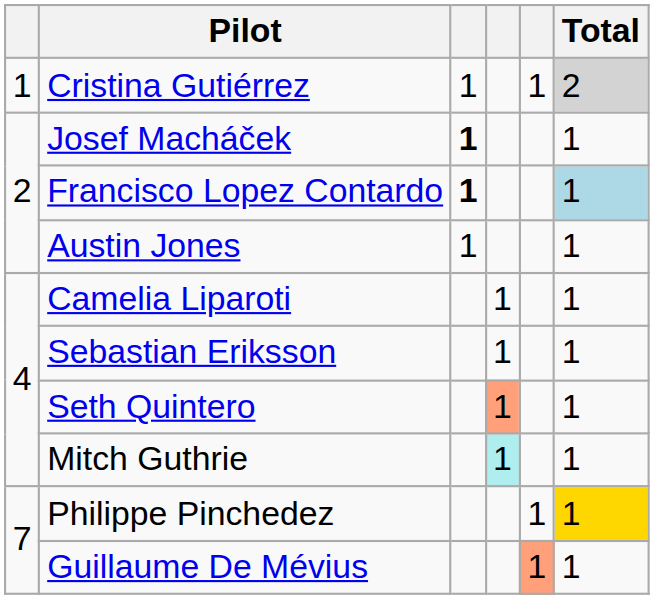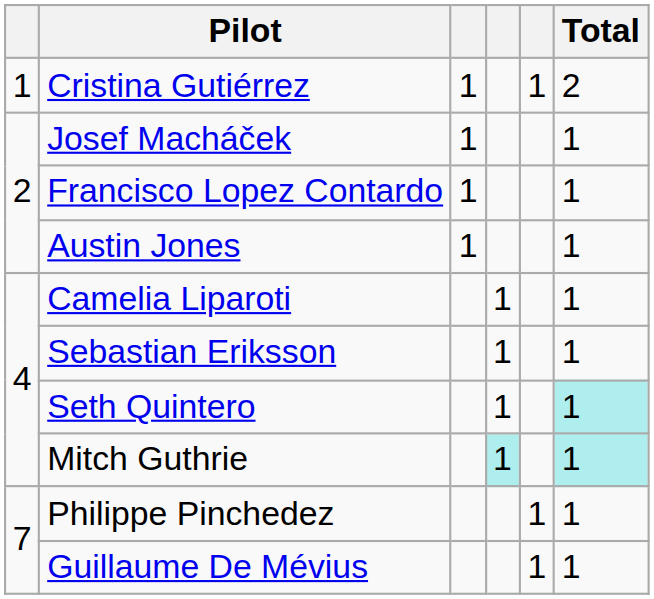 <table class="wikitable sortable">
 <tr>
 <th></th>
 <th>Pilot</th>
 <th></th>
 <th></th>
 <th></th>
 <th>Total</th>
 </tr>
 <tr>
 <td>1</td>
 <td> <a href='#'>Cristina Gutiérrez</a></td>
 <td>1</td>
 <td></td>
 <td>1</td>
-<td style="background: lightgrey;">2</td>
+<td>2</td>
 </tr>
 <tr>
 <td rowspan="3">2</td>
 <td> <a href='#'>Josef Macháček</a></td>
-<td><strong>1</strong></td>
+<td>1</td>
 <td></td>
 <td></td>
 <td>1</td>
 </tr>
 <tr>
 <td> <a href='#'>Francisco Lopez Contardo</a></td>
-<td><strong>1</strong></td>
+<td>1</td>
 <td></td>
 <td></td>
-<td style="background: lightblue;">1</td>
+<td>1</td>
 </tr>
 <tr>
 <td> <a href='#'>Austin Jones</a></td>
 <td>1</td>
 <td></td>
 <td></td>
 <td>1</td>
 </tr>
 <tr>
 <td rowspan="4">4</td>
 <td> <a href='#'>Camelia Liparoti</a></td>
 <td></td>
 <td>1</td>
 <td></td>
 <td>1</td>
 </tr>
 <tr>
 <td> <a href='#'>Sebastian Eriksson</a></td>
 <td></td>
 <td>1</td>
 <td></td>
 <td>1</td>
 </tr>
 <tr>
 <td> <a href='#'>Seth Quintero</a></td>
 <td></td>
-<td style="background: lightsalmon;">1</td>
+<td>1</td>
 <td></td>
-<td>1</td>
+<td style="background: paleturquoise;">1</td>
 </tr>
 <tr>
 <td> Mitch Guthrie</td>
 <td></td>
 <td style="background: paleturquoise;">1</td>
 <td></td>
-<td>1</td>
+<td style="background: paleturquoise;">1</td>
 </tr>
 <tr>
 <td rowspan="2">7</td>
 <td> Philippe Pinchedez</td>
 <td></td>
 <td></td>
 <td>1</td>
-<td style="background: gold;">1</td>
+<td>1</td>
 </tr>
 <tr>
 <td> <a href='#'>Guillaume De Mévius</a></td>
 <td></td>
 <td></td>
-<td style="background: lightsalmon;">1</td>
+<td>1</td>
 <td>1</td>
 </tr>
 </table>
